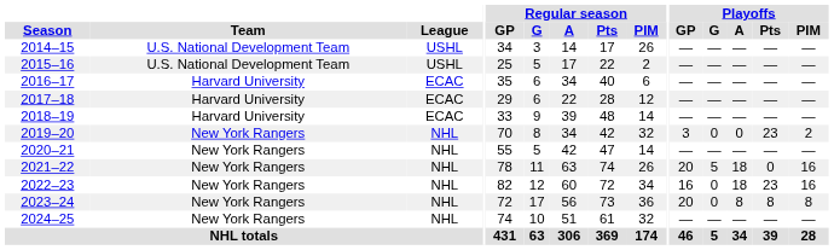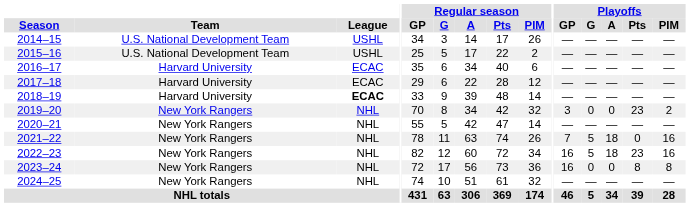 <table border="0" cellpadding="1" cellspacing="0" style="text-align:center; width:60em;">
 <tr style="background:#e0e0e0;">
 <th colspan="3" style="background:#fff;"></th>
 <th rowspan="99" style="background:#fff;"></th>
 <th colspan="5"><a href='#'>Regular season</a></th>
 <th rowspan="99" style="background:#fff;"></th>
 <th colspan="5"><a href='#'>Playoffs</a></th>
 </tr>
 <tr style="background:#e0e0e0;">
 <th><a href='#'>Season</a></th>
 <th>Team</th>
 <th>League</th>
 <th>GP</th>
 <th><a href='#'>G</a></th>
 <th><a href='#'>A</a></th>
 <th><a href='#'>Pts</a></th>
 <th><a href='#'>PIM</a></th>
 <th>GP</th>
 <th>G</th>
 <th>A</th>
 <th>Pts</th>
 <th>PIM</th>
 </tr>
 <tr>
 <td><a href='#'>2014–15</a></td>
 <td><a href='#'>U.S. National Development Team</a></td>
 <td><a href='#'>USHL</a></td>
 <td>34</td>
 <td>3</td>
 <td>14</td>
 <td>17</td>
 <td>26</td>
 <td>—</td>
 <td>—</td>
 <td>—</td>
 <td>—</td>
 <td>—</td>
 </tr>
 <tr style="background:#f0f0f0;">
 <td><a href='#'>2015–16</a></td>
 <td>U.S. National Development Team</td>
 <td>USHL</td>
 <td>25</td>
 <td>5</td>
 <td>17</td>
 <td>22</td>
 <td>2</td>
 <td>—</td>
 <td>—</td>
 <td>—</td>
 <td>—</td>
 <td>—</td>
 </tr>
 <tr>
 <td><a href='#'>2016–17</a></td>
 <td><a href='#'>Harvard University</a></td>
 <td><a href='#'>ECAC</a></td>
 <td>35</td>
 <td>6</td>
 <td>34</td>
 <td>40</td>
 <td>6</td>
 <td>—</td>
 <td>—</td>
 <td>—</td>
 <td>—</td>
 <td>—</td>
 </tr>
 <tr style="background:#f0f0f0;">
 <td><a href='#'>2017–18</a></td>
 <td>Harvard University</td>
 <td>ECAC</td>
 <td>29</td>
 <td>6</td>
 <td>22</td>
 <td>28</td>
 <td>12</td>
 <td>—</td>
 <td>—</td>
 <td>—</td>
 <td>—</td>
 <td>—</td>
 </tr>
 <tr>
 <td><a href='#'>2018–19</a></td>
 <td>Harvard University</td>
-<td>ECAC</td>
+<td><strong>ECAC</strong></td>
 <td>33</td>
 <td>9</td>
 <td>39</td>
 <td>48</td>
 <td>14</td>
 <td>—</td>
 <td>—</td>
 <td>—</td>
 <td>—</td>
 <td>—</td>
 </tr>
 <tr style="background:#f0f0f0;">
 <td><a href='#'>2019–20</a></td>
 <td><a href='#'>New York Rangers</a></td>
 <td><a href='#'>NHL</a></td>
 <td>70</td>
 <td>8</td>
 <td>34</td>
 <td>42</td>
 <td>32</td>
 <td>3</td>
 <td>0</td>
 <td>0</td>
 <td>23</td>
 <td>2</td>
 </tr>
 <tr>
 <td><a href='#'>2020–21</a></td>
 <td>New York Rangers</td>
 <td>NHL</td>
 <td>55</td>
 <td>5</td>
 <td>42</td>
 <td>47</td>
 <td>14</td>
 <td>—</td>
 <td>—</td>
 <td>—</td>
 <td>—</td>
 <td>—</td>
 </tr>
 <tr style="background:#f0f0f0;">
 <td><a href='#'>2021–22</a></td>
 <td>New York Rangers</td>
 <td>NHL</td>
 <td>78</td>
 <td>11</td>
 <td>63</td>
 <td>74</td>
 <td>26</td>
-<td>20</td>
+<td>7</td>
 <td>5</td>
 <td>18</td>
 <td>0</td>
 <td>16</td>
 </tr>
 <tr>
 <td><a href='#'>2022–23</a></td>
 <td>New York Rangers</td>
 <td>NHL</td>
 <td>82</td>
 <td>12</td>
 <td>60</td>
 <td>72</td>
 <td>34</td>
 <td>16</td>
-<td>0</td>
+<td>5</td>
 <td>18</td>
 <td>23</td>
 <td>16</td>
 </tr>
 <tr style="background:#f0f0f0;">
 <td><a href='#'>2023–24</a></td>
 <td>New York Rangers</td>
 <td>NHL</td>
 <td>72</td>
 <td>17</td>
 <td>56</td>
 <td>73</td>
 <td>36</td>
-<td>20</td>
+<td>16</td>
 <td>0</td>
-<td>8</td>
+<td>0</td>
 <td>8</td>
 <td>8</td>
 </tr>
 <tr>
 <td><a href='#'>2024–25</a></td>
 <td>New York Rangers</td>
 <td>NHL</td>
 <td>74</td>
 <td>10</td>
 <td>51</td>
 <td>61</td>
 <td>32</td>
 <td>—</td>
 <td>—</td>
 <td>—</td>
 <td>—</td>
 <td>—</td>
 </tr>
 <tr style="background:#e0e0e0;">
 <th colspan="3">NHL totals</th>
 <th>431</th>
 <th>63</th>
 <th>306</th>
 <th>369</th>
 <th>174</th>
 <th>46</th>
 <th>5</th>
 <th>34</th>
 <th>39</th>
 <th>28</th>
 </tr>
 </table>
